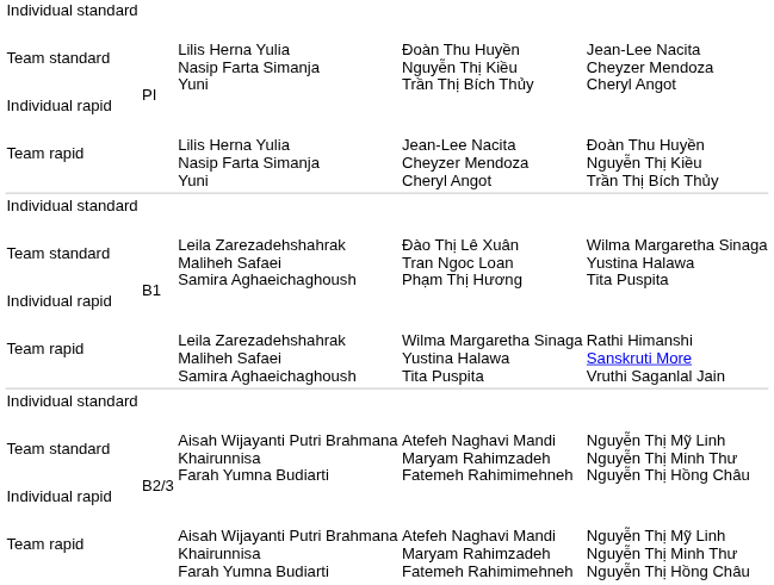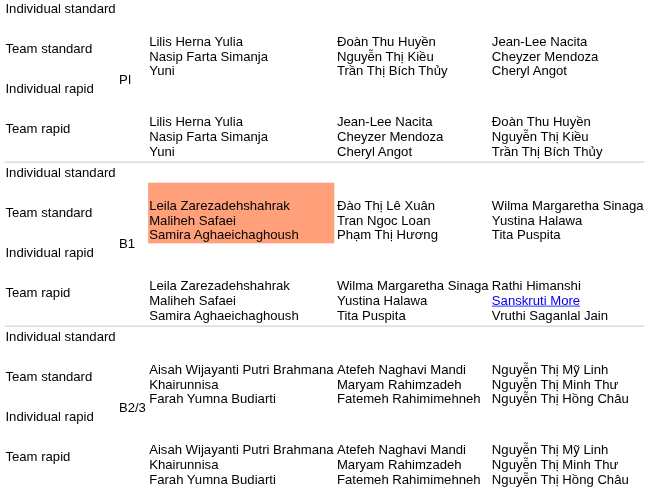 <table>
 <tr>
 <td nowrap>Individual standard</td>
 <td rowspan=4>PI</td>
 <td></td>
 <td></td>
 <td></td>
 </tr>
 <tr>
 <td>Team standard</td>
 <td><br>Lilis Herna Yulia<br>Nasip Farta Simanja<br>Yuni</td>
 <td><br>Đoàn Thu Huyền<br>Nguyễn Thị Kiều<br>Trần Thị Bích Thủy</td>
 <td><br>Jean-Lee Nacita<br>Cheyzer Mendoza<br>Cheryl Angot</td>
 </tr>
 <tr>
 <td>Individual rapid</td>
 <td></td>
 <td></td>
 <td></td>
 </tr>
 <tr>
 <td>Team rapid</td>
 <td><br>Lilis Herna Yulia<br>Nasip Farta Simanja<br>Yuni</td>
 <td><br>Jean-Lee Nacita<br>Cheyzer Mendoza<br>Cheryl Angot</td>
 <td><br>Đoàn Thu Huyền<br>Nguyễn Thị Kiều<br>Trần Thị Bích Thủy</td>
 </tr>
 <tr bgcolor=#dddddd>
 <td colspan=5></td>
 </tr>
 <tr>
 <td>Individual standard</td>
 <td rowspan=4>B1</td>
 <td></td>
 <td></td>
 <td></td>
 </tr>
 <tr>
 <td>Team standard</td>
-<td><br>Leila Zarezadehshahrak<br>Maliheh Safaei<br>Samira Aghaeichaghoush</td>
+<td style="background: lightsalmon;"><br>Leila Zarezadehshahrak<br>Maliheh Safaei<br>Samira Aghaeichaghoush</td>
 <td><br>Đào Thị Lê Xuân<br>Tran Ngoc Loan<br>Phạm Thị Hương</td>
 <td nowrap><br>Wilma Margaretha Sinaga<br>Yustina Halawa<br>Tita Puspita</td>
 </tr>
 <tr>
 <td>Individual rapid</td>
 <td></td>
 <td></td>
 <td></td>
 </tr>
 <tr>
 <td>Team rapid</td>
 <td><br>Leila Zarezadehshahrak<br>Maliheh Safaei<br>Samira Aghaeichaghoush</td>
 <td nowrap><br>Wilma Margaretha Sinaga<br>Yustina Halawa<br>Tita Puspita</td>
 <td><br>Rathi Himanshi<br><a href='#'>Sanskruti More</a><br>Vruthi Saganlal Jain</td>
 </tr>
 <tr bgcolor=#dddddd>
 <td colspan=5></td>
 </tr>
 <tr>
 <td>Individual standard</td>
 <td rowspan=4>B2/3</td>
 <td></td>
 <td></td>
 <td></td>
 </tr>
 <tr>
 <td>Team standard</td>
 <td nowrap><br>Aisah Wijayanti Putri Brahmana<br>Khairunnisa<br>Farah Yumna Budiarti</td>
 <td><br>Atefeh Naghavi Mandi<br>Maryam Rahimzadeh<br>Fatemeh Rahimimehneh</td>
 <td><br>Nguyễn Thị Mỹ Linh<br>Nguyễn Thị Minh Thư<br>Nguyễn Thị Hồng Châu</td>
 </tr>
 <tr>
 <td>Individual rapid</td>
 <td></td>
 <td></td>
 <td></td>
 </tr>
 <tr>
 <td>Team rapid</td>
 <td><br>Aisah Wijayanti Putri Brahmana<br>Khairunnisa<br>Farah Yumna Budiarti</td>
 <td><br>Atefeh Naghavi Mandi<br>Maryam Rahimzadeh<br>Fatemeh Rahimimehneh</td>
 <td><br>Nguyễn Thị Mỹ Linh<br>Nguyễn Thị Minh Thư<br>Nguyễn Thị Hồng Châu</td>
 </tr>
 </table>
